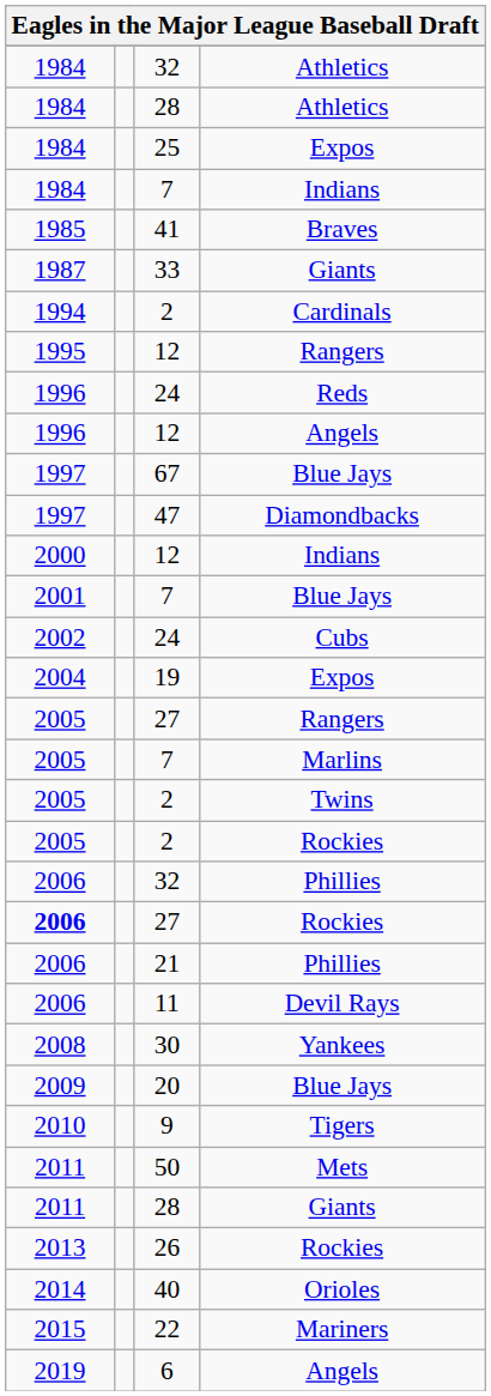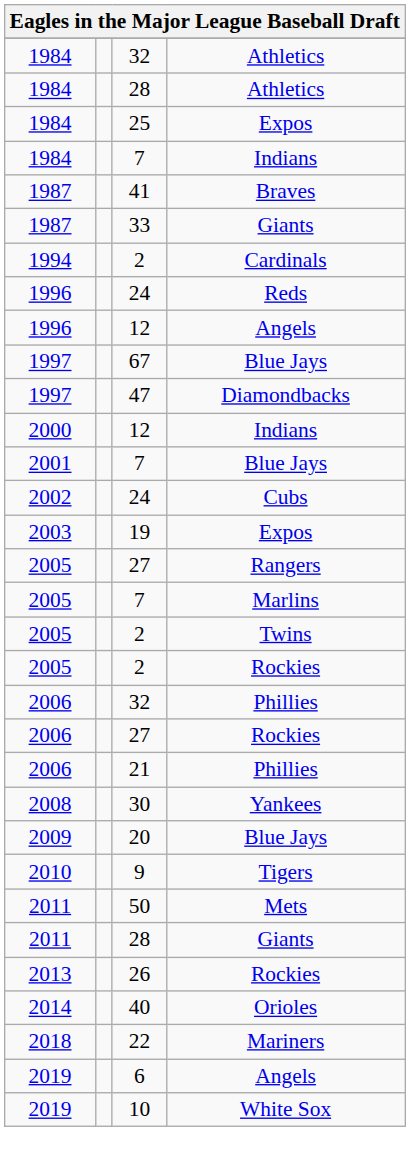 <table class="wikitable sortable collapsible collapsed" style="text-align:center">
 <tr>
 <th colspan=4>Eagles in the Major League Baseball Draft</th>
 </tr>
 <tr>
 </tr>
 <tr>
 <td><a href='#'>1984</a></td>
 <td></td>
 <td>32</td>
 <td><a href='#'>Athletics</a></td>
 </tr>
 <tr>
 <td><a href='#'>1984</a></td>
 <td></td>
 <td>28</td>
 <td><a href='#'>Athletics</a></td>
 </tr>
 <tr>
 <td><a href='#'>1984</a></td>
 <td></td>
 <td>25</td>
 <td><a href='#'>Expos</a></td>
 </tr>
 <tr>
 <td><a href='#'>1984</a></td>
 <td></td>
 <td>7</td>
 <td><a href='#'>Indians</a></td>
 </tr>
 <tr>
-<td><a href='#'>1985</a></td>
+<td><a href='#'>1987</a></td>
 <td></td>
 <td>41</td>
 <td><a href='#'>Braves</a></td>
 </tr>
 <tr>
 <td><a href='#'>1987</a></td>
 <td></td>
 <td>33</td>
 <td><a href='#'>Giants</a></td>
 </tr>
 <tr>
 <td><a href='#'>1994</a></td>
 <td></td>
 <td>2</td>
 <td><a href='#'>Cardinals</a></td>
-</tr>
-<tr>
-<td><a href='#'>1995</a></td>
-<td></td>
-<td>12</td>
-<td><a href='#'>Rangers</a></td>
 </tr>
 <tr>
 <td><a href='#'>1996</a></td>
 <td></td>
 <td>24</td>
 <td><a href='#'>Reds</a></td>
 </tr>
 <tr>
 <td><a href='#'>1996</a></td>
 <td></td>
 <td>12</td>
 <td><a href='#'>Angels</a></td>
 </tr>
 <tr>
 <td><a href='#'>1997</a></td>
 <td></td>
 <td>67</td>
 <td><a href='#'>Blue Jays</a></td>
 </tr>
 <tr>
 <td><a href='#'>1997</a></td>
 <td></td>
 <td>47</td>
 <td><a href='#'>Diamondbacks</a></td>
 </tr>
 <tr>
 <td><a href='#'>2000</a></td>
 <td></td>
 <td>12</td>
 <td><a href='#'>Indians</a></td>
 </tr>
 <tr>
 <td><a href='#'>2001</a></td>
 <td></td>
 <td>7</td>
 <td><a href='#'>Blue Jays</a></td>
 </tr>
 <tr>
 <td><a href='#'>2002</a></td>
 <td></td>
 <td>24</td>
 <td><a href='#'>Cubs</a></td>
 </tr>
 <tr>
-<td><a href='#'>2004</a></td>
+<td><a href='#'>2003</a></td>
 <td></td>
 <td>19</td>
 <td><a href='#'>Expos</a></td>
 </tr>
 <tr>
 <td><a href='#'>2005</a></td>
 <td></td>
 <td>27</td>
 <td><a href='#'>Rangers</a></td>
 </tr>
 <tr>
 <td><a href='#'>2005</a></td>
 <td></td>
 <td>7</td>
 <td><a href='#'>Marlins</a></td>
 </tr>
 <tr>
 <td><a href='#'>2005</a></td>
 <td></td>
 <td>2</td>
 <td><a href='#'>Twins</a></td>
 </tr>
 <tr>
 <td><a href='#'>2005</a></td>
 <td></td>
 <td>2</td>
 <td><a href='#'>Rockies</a></td>
 </tr>
 <tr>
 <td><a href='#'>2006</a></td>
 <td></td>
 <td>32</td>
 <td><a href='#'>Phillies</a></td>
 </tr>
 <tr>
-<td><strong><a href='#'>2006</a></strong></td>
+<td><a href='#'>2006</a></td>
 <td></td>
 <td>27</td>
 <td><a href='#'>Rockies</a></td>
 </tr>
 <tr>
 <td><a href='#'>2006</a></td>
 <td></td>
 <td>21</td>
 <td><a href='#'>Phillies</a></td>
-</tr>
-<tr>
-<td><a href='#'>2006</a></td>
-<td></td>
-<td>11</td>
-<td><a href='#'>Devil Rays</a></td>
 </tr>
 <tr>
 <td><a href='#'>2008</a></td>
 <td></td>
 <td>30</td>
 <td><a href='#'>Yankees</a></td>
 </tr>
 <tr>
 <td><a href='#'>2009</a></td>
 <td></td>
 <td>20</td>
 <td><a href='#'>Blue Jays</a></td>
 </tr>
 <tr>
 <td><a href='#'>2010</a></td>
 <td></td>
 <td>9</td>
 <td><a href='#'>Tigers</a></td>
 </tr>
 <tr>
 <td><a href='#'>2011</a></td>
 <td></td>
 <td>50</td>
 <td><a href='#'>Mets</a></td>
 </tr>
 <tr>
 <td><a href='#'>2011</a></td>
 <td></td>
 <td>28</td>
 <td><a href='#'>Giants</a></td>
 </tr>
 <tr>
 <td><a href='#'>2013</a></td>
 <td></td>
 <td>26</td>
 <td><a href='#'>Rockies</a></td>
 </tr>
 <tr>
 <td><a href='#'>2014</a></td>
 <td></td>
 <td>40</td>
 <td><a href='#'>Orioles</a></td>
 </tr>
 <tr>
-<td><a href='#'>2015</a></td>
+<td><a href='#'>2018</a></td>
 <td></td>
 <td>22</td>
 <td><a href='#'>Mariners</a></td>
 </tr>
 <tr>
 <td><a href='#'>2019</a></td>
 <td></td>
 <td>6</td>
 <td><a href='#'>Angels</a></td>
 </tr>
+<tr>
+<td><a href='#'>2019</a></td>
+<td></td>
+<td>10</td>
+<td><a href='#'>White Sox</a></td>
+</tr>
 </table>
